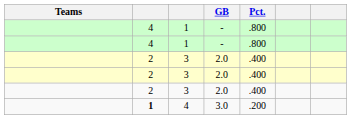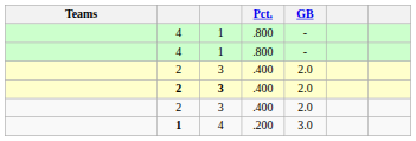 <table class="wikitable" style="text-align:center;">
 <tr>
 <th width=200px>Teams</th>
 <th width=50px></th>
 <th width=50px></th>
+<th width=50px><a href='#'>Pct.</a></th>
 <th width=50px><a href='#'>GB</a></th>
-<th width=50px><a href='#'>Pct.</a></th>
 <th width=50px></th>
 <th width=50px></th>
 </tr>
 <tr style="background-color:#ccffcc">
 <td align=left></td>
 <td>4</td>
 <td>1</td>
+<td>.800</td>
 <td>-</td>
-<td>.800</td>
 <td></td>
 <td></td>
 </tr>
 <tr style="background-color:#ccffcc">
 <td align=left></td>
 <td>4</td>
 <td>1</td>
+<td>.800</td>
 <td>-</td>
-<td>.800</td>
 <td></td>
 <td></td>
 </tr>
 <tr style="background-color:#ffffcc">
 <td align=left></td>
 <td>2</td>
 <td>3</td>
+<td>.400</td>
 <td>2.0</td>
-<td>.400</td>
 <td></td>
 <td></td>
 </tr>
 <tr style="background-color:#ffffcc">
 <td align=left></td>
-<td>2</td>
-<td>3</td>
+<td><strong>2</strong></td>
+<td><strong>3</strong></td>
+<td>.400</td>
 <td>2.0</td>
-<td>.400</td>
 <td></td>
 <td></td>
 </tr>
 <tr style="background-color:">
 <td align=left></td>
 <td>2</td>
 <td>3</td>
+<td>.400</td>
 <td>2.0</td>
-<td>.400</td>
 <td></td>
 <td></td>
 </tr>
 <tr style="background-color:">
 <td align=left></td>
 <td><strong>1</strong></td>
 <td>4</td>
+<td>.200</td>
 <td>3.0</td>
-<td>.200</td>
 <td></td>
 <td></td>
 </tr>
 </table>
